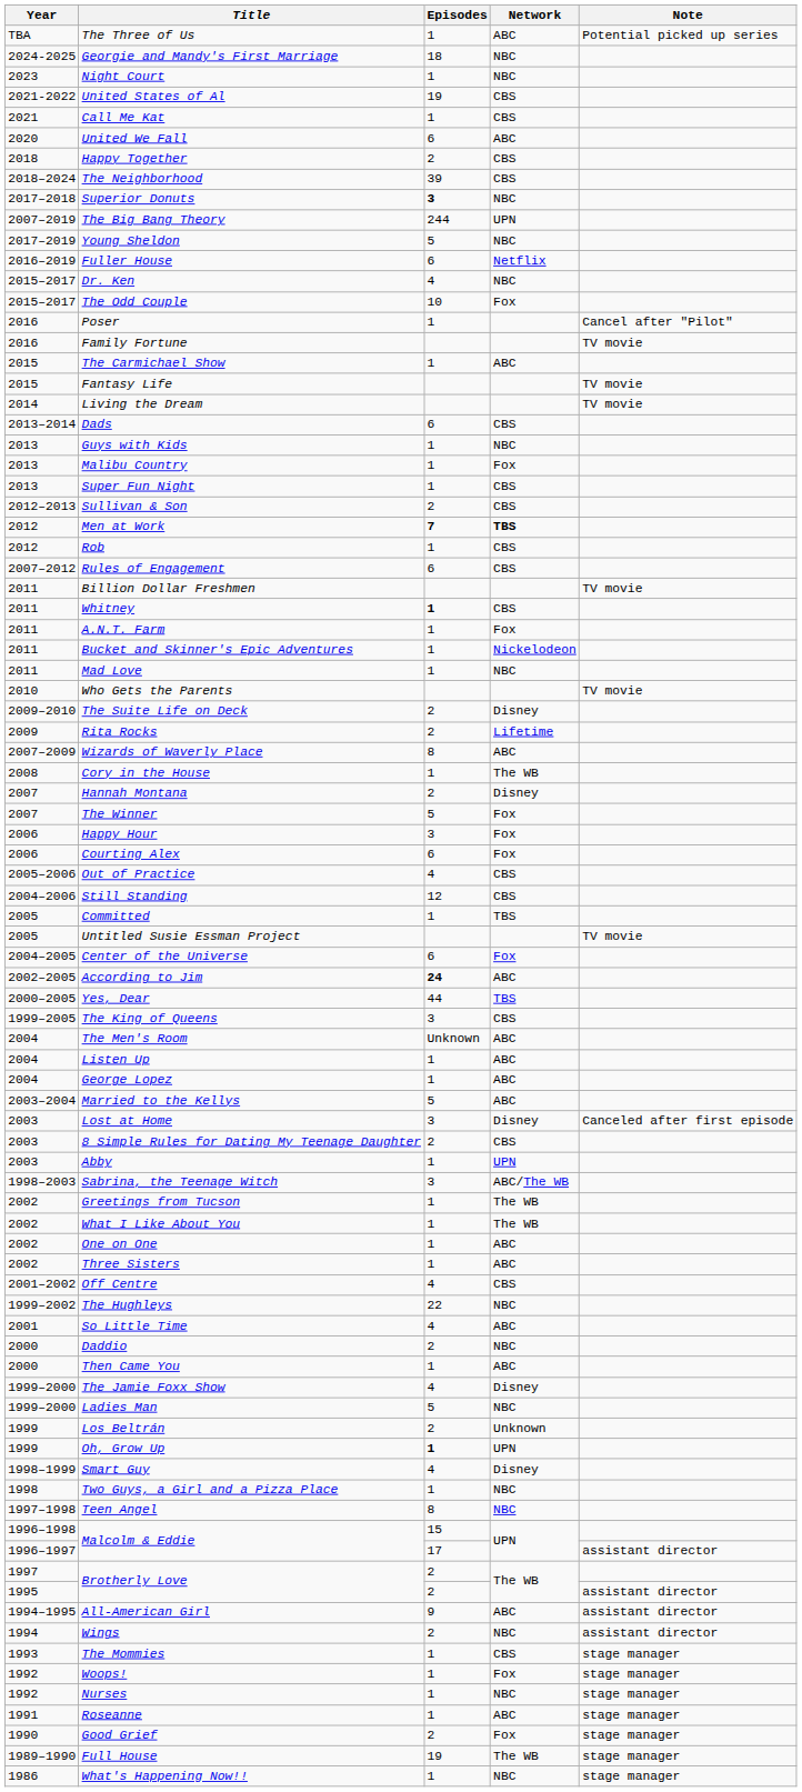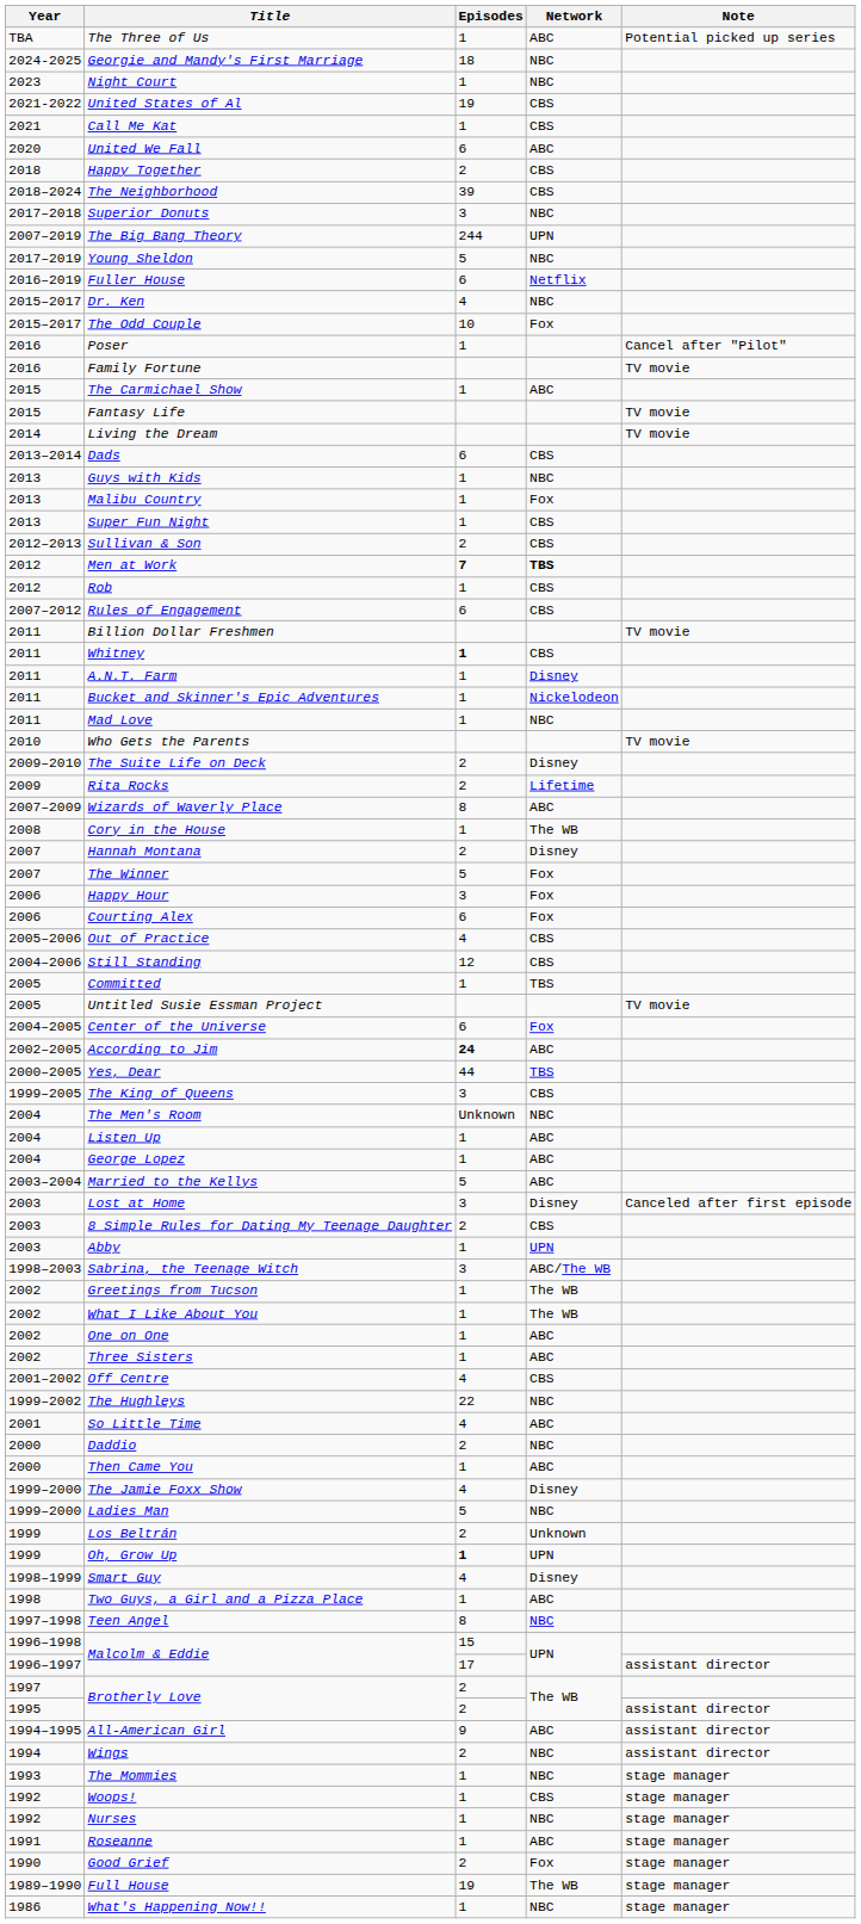 <table class=wikitable style=align:center>
 <tr>
 <th>Year</th>
 <th><em>Title</em></th>
 <th>Episodes</th>
 <th>Network</th>
 <th>Note</th>
 </tr>
 <tr>
 <td>TBA</td>
 <td><em>The Three of Us</em></td>
 <td>1</td>
 <td>ABC</td>
 <td>Potential picked up series</td>
 </tr>
 <tr>
 <td>2024-2025</td>
 <td><em><a href='#'>Georgie and Mandy's First Marriage</a></em></td>
 <td>18</td>
 <td>NBC</td>
 <td></td>
 </tr>
 <tr>
 <td>2023</td>
 <td><em><a href='#'>Night Court</a></em></td>
 <td>1</td>
 <td>NBC</td>
 <td></td>
 </tr>
 <tr>
 <td>2021-2022</td>
 <td><em><a href='#'>United States of Al</a></em></td>
 <td>19</td>
 <td>CBS</td>
 <td></td>
 </tr>
 <tr>
 <td>2021</td>
 <td><em><a href='#'>Call Me Kat</a></em></td>
 <td>1</td>
 <td>CBS</td>
 <td></td>
 </tr>
 <tr>
 <td>2020</td>
 <td><em><a href='#'>United We Fall</a></em></td>
 <td>6</td>
 <td>ABC</td>
 <td></td>
 </tr>
 <tr>
 <td>2018</td>
 <td><em><a href='#'>Happy Together</a></em></td>
 <td>2</td>
 <td>CBS</td>
 <td></td>
 </tr>
 <tr>
 <td>2018–2024</td>
 <td><em><a href='#'>The Neighborhood</a></em></td>
 <td>39</td>
 <td>CBS</td>
 <td></td>
 </tr>
 <tr>
 <td>2017–2018</td>
 <td><em><a href='#'>Superior Donuts</a></em></td>
-<td><strong>3</strong></td>
+<td>3</td>
 <td>NBC</td>
 <td></td>
 </tr>
 <tr>
 <td>2007–2019</td>
 <td><em><a href='#'>The Big Bang Theory</a></em></td>
 <td>244</td>
 <td>UPN</td>
 <td></td>
 </tr>
 <tr>
 <td>2017–2019</td>
 <td><em><a href='#'>Young Sheldon</a></em></td>
 <td>5</td>
 <td>NBC</td>
 <td></td>
 </tr>
 <tr>
 <td>2016–2019</td>
 <td><em><a href='#'>Fuller House</a></em></td>
 <td>6</td>
 <td><a href='#'>Netflix</a></td>
 <td></td>
 </tr>
 <tr>
 <td>2015–2017</td>
 <td><em><a href='#'>Dr. Ken</a></em></td>
 <td>4</td>
 <td>NBC</td>
 <td></td>
 </tr>
 <tr>
 <td>2015–2017</td>
 <td><em><a href='#'>The Odd Couple</a></em></td>
 <td>10</td>
 <td>Fox</td>
 <td></td>
 </tr>
 <tr>
 <td>2016</td>
 <td><em>Poser</em></td>
 <td>1</td>
 <td></td>
 <td>Cancel after "Pilot"</td>
 </tr>
 <tr>
 <td>2016</td>
 <td><em>Family Fortune</em></td>
 <td></td>
 <td></td>
 <td>TV movie</td>
 </tr>
 <tr>
 <td>2015</td>
 <td><em><a href='#'>The Carmichael Show</a></em></td>
 <td>1</td>
 <td>ABC</td>
 <td></td>
 </tr>
 <tr>
 <td>2015</td>
 <td><em>Fantasy Life</em></td>
 <td></td>
 <td></td>
 <td>TV movie</td>
 </tr>
 <tr>
 <td>2014</td>
 <td><em>Living the Dream</em></td>
 <td></td>
 <td></td>
 <td>TV movie</td>
 </tr>
 <tr>
 <td>2013–2014</td>
 <td><em><a href='#'>Dads</a></em></td>
 <td>6</td>
 <td>CBS</td>
 <td></td>
 </tr>
 <tr>
 <td>2013</td>
 <td><em><a href='#'>Guys with Kids</a></em></td>
 <td>1</td>
 <td>NBC</td>
 <td></td>
 </tr>
 <tr>
 <td>2013</td>
 <td><em><a href='#'>Malibu Country</a></em></td>
 <td>1</td>
 <td>Fox</td>
 <td></td>
 </tr>
 <tr>
 <td>2013</td>
 <td><em><a href='#'>Super Fun Night</a></em></td>
 <td>1</td>
 <td>CBS</td>
 <td></td>
 </tr>
 <tr>
 <td>2012–2013</td>
 <td><em><a href='#'>Sullivan & Son</a></em></td>
 <td>2</td>
 <td>CBS</td>
 <td></td>
 </tr>
 <tr>
 <td>2012</td>
 <td><em><a href='#'>Men at Work</a></em></td>
 <td><strong>7</strong></td>
 <td><strong>TBS</strong></td>
 <td></td>
 </tr>
 <tr>
 <td>2012</td>
 <td><em><a href='#'>Rob</a></em></td>
 <td>1</td>
 <td>CBS</td>
 <td></td>
 </tr>
 <tr>
 <td>2007–2012</td>
 <td><em><a href='#'>Rules of Engagement</a></em></td>
 <td>6</td>
 <td>CBS</td>
 <td></td>
 </tr>
 <tr>
 <td>2011</td>
 <td><em>Billion Dollar Freshmen</em></td>
 <td></td>
 <td></td>
 <td>TV movie</td>
 </tr>
 <tr>
 <td>2011</td>
 <td><em><a href='#'>Whitney</a></em></td>
 <td><strong>1</strong></td>
 <td>CBS</td>
 <td></td>
 </tr>
 <tr>
 <td>2011</td>
 <td><em><a href='#'>A.N.T. Farm</a></em></td>
 <td>1</td>
-<td>Fox</td>
+<td><a href='#'>Disney</a></td>
 <td></td>
 </tr>
 <tr>
 <td>2011</td>
 <td><em><a href='#'>Bucket and Skinner's Epic Adventures</a></em></td>
 <td>1</td>
 <td><a href='#'>Nickelodeon</a></td>
 <td></td>
 </tr>
 <tr>
 <td>2011</td>
 <td><em><a href='#'>Mad Love</a></em></td>
 <td>1</td>
 <td>NBC</td>
 <td></td>
 </tr>
 <tr>
 <td>2010</td>
 <td><em>Who Gets the Parents</em></td>
 <td></td>
 <td></td>
 <td>TV movie</td>
 </tr>
 <tr>
 <td>2009–2010</td>
 <td><em><a href='#'>The Suite Life on Deck</a></em></td>
 <td>2</td>
 <td>Disney</td>
 <td></td>
 </tr>
 <tr>
 <td>2009</td>
 <td><em><a href='#'>Rita Rocks</a></em></td>
 <td>2</td>
 <td><a href='#'>Lifetime</a></td>
 <td></td>
 </tr>
 <tr>
 <td>2007–2009</td>
 <td><em><a href='#'>Wizards of Waverly Place</a></em></td>
 <td>8</td>
 <td>ABC</td>
 <td></td>
 </tr>
 <tr>
 <td>2008</td>
 <td><em><a href='#'>Cory in the House</a></em></td>
 <td>1</td>
 <td>The WB</td>
 <td></td>
 </tr>
 <tr>
 <td>2007</td>
 <td><em><a href='#'>Hannah Montana</a></em></td>
 <td>2</td>
 <td>Disney</td>
 <td></td>
 </tr>
 <tr>
 <td>2007</td>
 <td><em><a href='#'>The Winner</a></em></td>
 <td>5</td>
 <td>Fox</td>
 <td></td>
 </tr>
 <tr>
 <td>2006</td>
 <td><em><a href='#'>Happy Hour</a></em></td>
 <td>3</td>
 <td>Fox</td>
 <td></td>
 </tr>
 <tr>
 <td>2006</td>
 <td><em><a href='#'>Courting Alex</a></em></td>
 <td>6</td>
 <td>Fox</td>
 <td></td>
 </tr>
 <tr>
 <td>2005–2006</td>
 <td><em><a href='#'>Out of Practice</a></em></td>
 <td>4</td>
 <td>CBS</td>
 <td></td>
 </tr>
 <tr>
 <td>2004–2006</td>
 <td><em><a href='#'>Still Standing</a></em></td>
 <td>12</td>
 <td>CBS</td>
 <td></td>
 </tr>
 <tr>
 <td>2005</td>
 <td><em><a href='#'>Committed</a></em></td>
 <td>1</td>
 <td>TBS</td>
 <td></td>
 </tr>
 <tr>
 <td>2005</td>
 <td><em>Untitled Susie Essman Project</em></td>
 <td></td>
 <td></td>
 <td>TV movie</td>
 </tr>
 <tr>
 <td>2004–2005</td>
 <td><em><a href='#'>Center of the Universe</a></em></td>
 <td>6</td>
 <td><a href='#'>Fox</a></td>
 <td></td>
 </tr>
 <tr>
 <td>2002–2005</td>
 <td><em><a href='#'>According to Jim</a></em></td>
 <td><strong>24</strong></td>
 <td>ABC</td>
 <td></td>
 </tr>
 <tr>
 <td>2000–2005</td>
 <td><em><a href='#'>Yes, Dear</a></em></td>
 <td>44</td>
 <td><a href='#'>TBS</a></td>
 <td></td>
 </tr>
 <tr>
 <td>1999–2005</td>
 <td><em><a href='#'>The King of Queens</a></em></td>
 <td>3</td>
 <td>CBS</td>
 <td></td>
 </tr>
 <tr>
 <td>2004</td>
 <td><em><a href='#'>The Men's Room</a></em></td>
 <td>Unknown</td>
-<td>ABC</td>
+<td>NBC</td>
 <td></td>
 </tr>
 <tr>
 <td>2004</td>
 <td><em><a href='#'>Listen Up</a></em></td>
 <td>1</td>
 <td>ABC</td>
 <td></td>
 </tr>
 <tr>
 <td>2004</td>
 <td><em><a href='#'>George Lopez</a></em></td>
 <td>1</td>
 <td>ABC</td>
 <td></td>
 </tr>
 <tr>
 <td>2003–2004</td>
 <td><em><a href='#'>Married to the Kellys</a></em></td>
 <td>5</td>
 <td>ABC</td>
 <td></td>
 </tr>
 <tr>
 <td>2003</td>
 <td><em><a href='#'>Lost at Home</a></em></td>
 <td>3</td>
 <td>Disney</td>
 <td>Canceled after first episode</td>
 </tr>
 <tr>
 <td>2003</td>
 <td><em><a href='#'>8 Simple Rules for Dating My Teenage Daughter</a></em></td>
 <td>2</td>
 <td>CBS</td>
 <td></td>
 </tr>
 <tr>
 <td>2003</td>
 <td><em><a href='#'>Abby</a></em></td>
 <td>1</td>
 <td><a href='#'>UPN</a></td>
 <td></td>
 </tr>
 <tr>
 <td>1998–2003</td>
 <td><em><a href='#'>Sabrina, the Teenage Witch</a></em></td>
 <td>3</td>
 <td>ABC/<a href='#'>The WB</a></td>
 <td></td>
 </tr>
 <tr>
 <td>2002</td>
 <td><em><a href='#'>Greetings from Tucson</a></em></td>
 <td>1</td>
 <td>The WB</td>
 <td></td>
 </tr>
 <tr>
 <td>2002</td>
 <td><em><a href='#'>What I Like About You</a></em></td>
 <td>1</td>
 <td>The WB</td>
 <td></td>
 </tr>
 <tr>
 <td>2002</td>
 <td><em><a href='#'>One on One</a></em></td>
 <td>1</td>
 <td>ABC</td>
 <td></td>
 </tr>
 <tr>
 <td>2002</td>
 <td><em><a href='#'>Three Sisters</a></em></td>
 <td>1</td>
 <td>ABC</td>
 <td></td>
 </tr>
 <tr>
 <td>2001–2002</td>
 <td><em><a href='#'>Off Centre</a></em></td>
 <td>4</td>
 <td>CBS</td>
 <td></td>
 </tr>
 <tr>
 <td>1999–2002</td>
 <td><em><a href='#'>The Hughleys</a></em></td>
 <td>22</td>
 <td>NBC</td>
 <td></td>
 </tr>
 <tr>
 <td>2001</td>
 <td><em><a href='#'>So Little Time</a></em></td>
 <td>4</td>
 <td>ABC</td>
 <td></td>
 </tr>
 <tr>
 <td>2000</td>
 <td><em><a href='#'>Daddio</a></em></td>
 <td>2</td>
 <td>NBC</td>
 <td></td>
 </tr>
 <tr>
 <td>2000</td>
 <td><em><a href='#'>Then Came You</a></em></td>
 <td>1</td>
 <td>ABC</td>
 <td></td>
 </tr>
 <tr>
 <td>1999–2000</td>
 <td><em><a href='#'>The Jamie Foxx Show</a></em></td>
 <td>4</td>
 <td>Disney</td>
 <td></td>
 </tr>
 <tr>
 <td>1999–2000</td>
 <td><em><a href='#'>Ladies Man</a></em></td>
 <td>5</td>
 <td>NBC</td>
 <td></td>
 </tr>
 <tr>
 <td>1999</td>
 <td><em><a href='#'>Los Beltrán</a></em></td>
 <td>2</td>
 <td>Unknown</td>
 <td></td>
 </tr>
 <tr>
 <td>1999</td>
 <td><em><a href='#'>Oh, Grow Up</a></em></td>
 <td><strong>1</strong></td>
 <td>UPN</td>
 <td></td>
 </tr>
 <tr>
 <td>1998–1999</td>
 <td><em><a href='#'>Smart Guy</a></em></td>
 <td>4</td>
 <td>Disney</td>
 <td></td>
 </tr>
 <tr>
 <td>1998</td>
 <td><em><a href='#'>Two Guys, a Girl and a Pizza Place</a></em></td>
 <td>1</td>
-<td>NBC</td>
+<td>ABC</td>
 <td></td>
 </tr>
 <tr>
 <td>1997–1998</td>
 <td><em><a href='#'>Teen Angel</a></em></td>
 <td>8</td>
 <td><a href='#'>NBC</a></td>
 <td></td>
 </tr>
 <tr>
 <td>1996–1998</td>
 <td rowspan=2><em><a href='#'>Malcolm & Eddie</a></em></td>
 <td>15</td>
 <td rowspan=2>UPN</td>
 <td></td>
 </tr>
 <tr>
 <td>1996–1997</td>
 <td>17</td>
 <td>assistant director</td>
 </tr>
 <tr>
 <td>1997</td>
 <td rowspan=2><em><a href='#'>Brotherly Love</a></em></td>
 <td>2</td>
 <td rowspan=2>The WB</td>
 <td></td>
 </tr>
 <tr>
 <td>1995</td>
 <td>2</td>
 <td>assistant director</td>
 </tr>
 <tr>
 <td>1994–1995</td>
 <td><em><a href='#'>All-American Girl</a></em></td>
 <td>9</td>
 <td>ABC</td>
 <td>assistant director</td>
 </tr>
 <tr>
 <td>1994</td>
 <td><em><a href='#'>Wings</a></em></td>
 <td>2</td>
 <td>NBC</td>
 <td>assistant director</td>
 </tr>
 <tr>
 <td>1993</td>
 <td><em><a href='#'>The Mommies</a></em></td>
 <td>1</td>
-<td>CBS</td>
+<td>NBC</td>
 <td>stage manager</td>
 </tr>
 <tr>
 <td>1992</td>
 <td><em><a href='#'>Woops!</a></em></td>
 <td>1</td>
-<td>Fox</td>
+<td>CBS</td>
 <td>stage manager</td>
 </tr>
 <tr>
 <td>1992</td>
 <td><em><a href='#'>Nurses</a></em></td>
 <td>1</td>
 <td>NBC</td>
 <td>stage manager</td>
 </tr>
 <tr>
 <td>1991</td>
 <td><em><a href='#'>Roseanne</a></em></td>
 <td>1</td>
 <td>ABC</td>
 <td>stage manager</td>
 </tr>
 <tr>
 <td>1990</td>
 <td><em><a href='#'>Good Grief</a></em></td>
 <td>2</td>
 <td>Fox</td>
 <td>stage manager</td>
 </tr>
 <tr>
 <td>1989–1990</td>
 <td><em><a href='#'>Full House</a></em></td>
 <td>19</td>
 <td>The WB</td>
 <td>stage manager</td>
 </tr>
 <tr>
 <td>1986</td>
 <td><em><a href='#'>What's Happening Now!!</a></em></td>
 <td>1</td>
 <td>NBC</td>
 <td>stage manager</td>
 </tr>
 </table>
